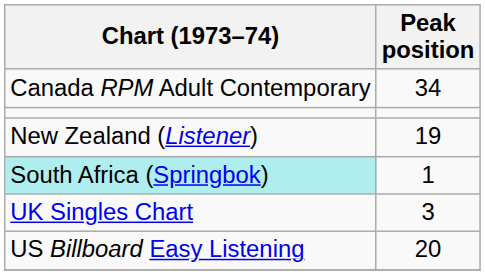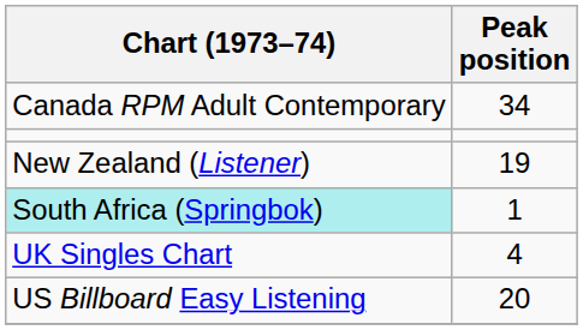 <table class="wikitable sortable">
 <tr>
 <th>Chart (1973–74)</th>
 <th>Peak<br>position</th>
 </tr>
 <tr>
 <td>Canada <em>RPM</em> Adult Contemporary</td>
 <td style="text-align:center;">34</td>
 </tr>
 <tr>
 <td></td>
 </tr>
 <tr>
 <td>New Zealand (<em><a href='#'>Listener</a></em>)</td>
 <td style="text-align:center;">19</td>
 </tr>
 <tr>
 <td style="background: paleturquoise;">South Africa (<a href='#'>Springbok</a>)</td>
 <td align="center">1</td>
 </tr>
 <tr>
 <td><a href='#'>UK Singles Chart</a></td>
-<td style="text-align:center;">3</td>
+<td style="text-align:center;">4</td>
 </tr>
 <tr>
 <td>US <em>Billboard</em> <a href='#'>Easy Listening</a></td>
 <td style="text-align:center;">20</td>
 </tr>
 <tr>
 </tr>
 </table>
